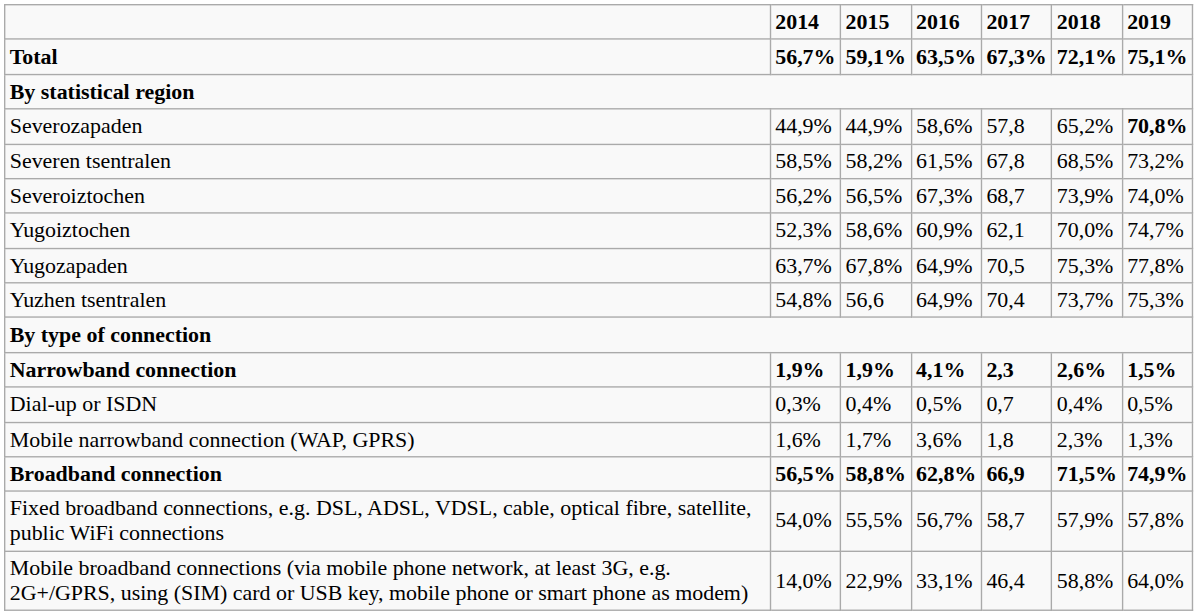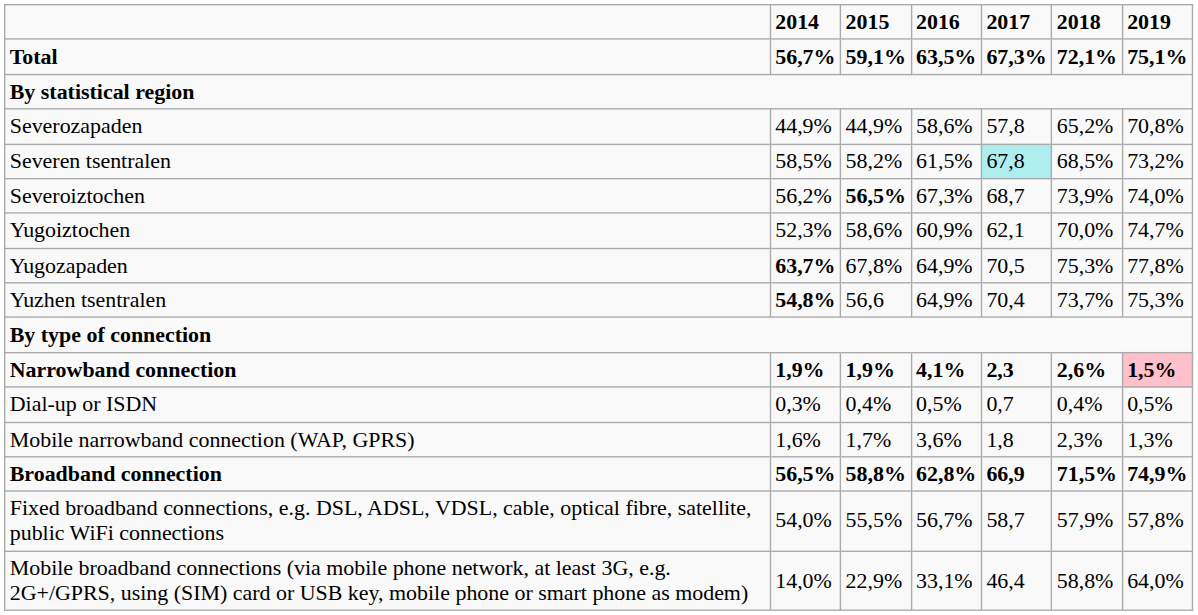 <table class="wikitable">
 <tr>
 <td></td>
 <td><strong>2014</strong></td>
 <td><strong>2015</strong></td>
 <td><strong>2016</strong></td>
 <td><strong>2017</strong></td>
 <td><strong>2018</strong></td>
 <td><strong>2019</strong></td>
 </tr>
 <tr>
 <td><strong>Total</strong></td>
 <td><strong>56,7%</strong></td>
 <td><strong>59,1%</strong></td>
 <td><strong>63,5%</strong></td>
 <td><strong>67,3%</strong></td>
 <td><strong>72,1%</strong></td>
 <td><strong>75,1%</strong></td>
 </tr>
 <tr>
 <td colspan="7"><strong>By statistical region</strong></td>
 </tr>
 <tr>
 <td>Severozapaden</td>
 <td>44,9%</td>
 <td>44,9%</td>
 <td>58,6%</td>
 <td>57,8</td>
 <td>65,2%</td>
-<td><strong>70,8%</strong></td>
+<td>70,8%</td>
 </tr>
 <tr>
 <td>Severen tsentralen</td>
 <td>58,5%</td>
 <td>58,2%</td>
 <td>61,5%</td>
-<td>67,8</td>
+<td style="background: paleturquoise;">67,8</td>
 <td>68,5%</td>
 <td>73,2%</td>
 </tr>
 <tr>
 <td>Severoiztochen</td>
 <td>56,2%</td>
-<td>56,5%</td>
+<td><strong>56,5%</strong></td>
 <td>67,3%</td>
 <td>68,7</td>
 <td>73,9%</td>
 <td>74,0%</td>
 </tr>
 <tr>
 <td>Yugoiztochen</td>
 <td>52,3%</td>
 <td>58,6%</td>
 <td>60,9%</td>
 <td>62,1</td>
 <td>70,0%</td>
 <td>74,7%</td>
 </tr>
 <tr>
 <td>Yugozapaden</td>
-<td>63,7%</td>
+<td><strong>63,7%</strong></td>
 <td>67,8%</td>
 <td>64,9%</td>
 <td>70,5</td>
 <td>75,3%</td>
 <td>77,8%</td>
 </tr>
 <tr>
 <td>Yuzhen tsentralen</td>
-<td>54,8%</td>
+<td><strong>54,8%</strong></td>
 <td>56,6</td>
 <td>64,9%</td>
 <td>70,4</td>
 <td>73,7%</td>
 <td>75,3%</td>
 </tr>
 <tr>
 <td colspan="7"><strong>By type of connection</strong></td>
 </tr>
 <tr>
 <td><strong>Narrowband connection</strong></td>
 <td><strong>1,9%</strong></td>
 <td><strong>1,9%</strong></td>
 <td><strong>4,1%</strong></td>
 <td><strong>2,3</strong></td>
 <td><strong>2,6%</strong></td>
-<td><strong>1,5%</strong></td>
+<td style="background: pink;"><strong>1,5%</strong></td>
 </tr>
 <tr>
 <td>Dial-up or ISDN</td>
 <td>0,3%</td>
 <td>0,4%</td>
 <td>0,5%</td>
 <td>0,7</td>
 <td>0,4%</td>
 <td>0,5%</td>
 </tr>
 <tr>
 <td>Mobile narrowband connection (WAP, GPRS)</td>
 <td>1,6%</td>
 <td>1,7%</td>
 <td>3,6%</td>
 <td>1,8</td>
 <td>2,3%</td>
 <td>1,3%</td>
 </tr>
 <tr>
 <td><strong>Broadband connection</strong></td>
 <td><strong>56,5%</strong></td>
 <td><strong>58,8%</strong></td>
 <td><strong>62,8%</strong></td>
 <td><strong>66,9</strong></td>
 <td><strong>71,5%</strong></td>
 <td><strong>74,9%</strong></td>
 </tr>
 <tr>
 <td>Fixed broadband connections, e.g. DSL, ADSL, VDSL, cable, optical fibre, satellite, public WiFi connections</td>
 <td>54,0%</td>
 <td>55,5%</td>
 <td>56,7%</td>
 <td>58,7</td>
 <td>57,9%</td>
 <td>57,8%</td>
 </tr>
 <tr>
 <td>Mobile broadband connections (via mobile phone network, at least 3G, e.g. 2G+/GPRS, using (SIM) card or USB key, mobile phone or smart phone as modem)</td>
 <td>14,0%</td>
 <td>22,9%</td>
 <td>33,1%</td>
 <td>46,4</td>
 <td>58,8%</td>
 <td>64,0%</td>
 </tr>
 </table>
